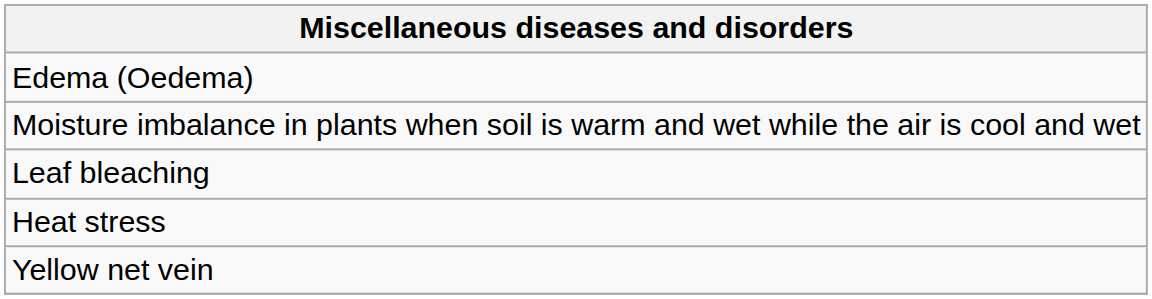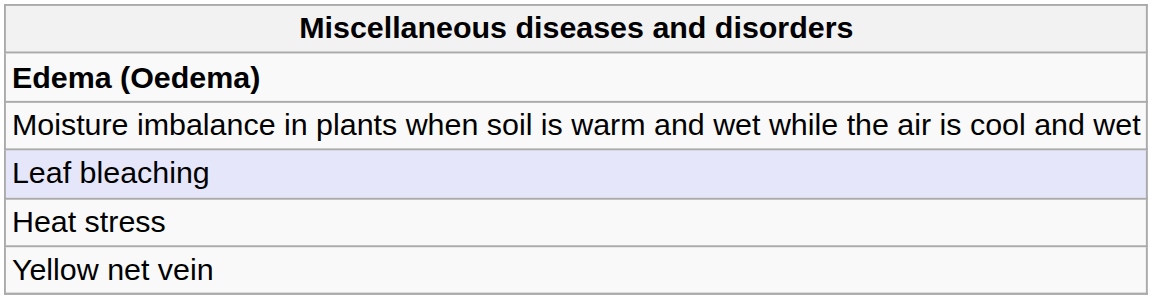 <table class="wikitable" style="clear">
 <tr>
 <th colspan=2><strong>Miscellaneous diseases and disorders</strong><br></th>
 </tr>
 <tr>
-<td>Edema (Oedema)</td>
+<td><strong>Edema (Oedema)</strong></td>
 </tr>
 <tr>
 <td>Moisture imbalance in plants when soil is warm and wet while the air is cool and wet</td>
 </tr>
 <tr>
-<td>Leaf bleaching</td>
+<td style="background: lavender;">Leaf bleaching</td>
 </tr>
 <tr>
 <td>Heat stress</td>
 </tr>
 <tr>
 <td>Yellow net vein</td>
 </tr>
 <tr>
 </tr>
 </table>
